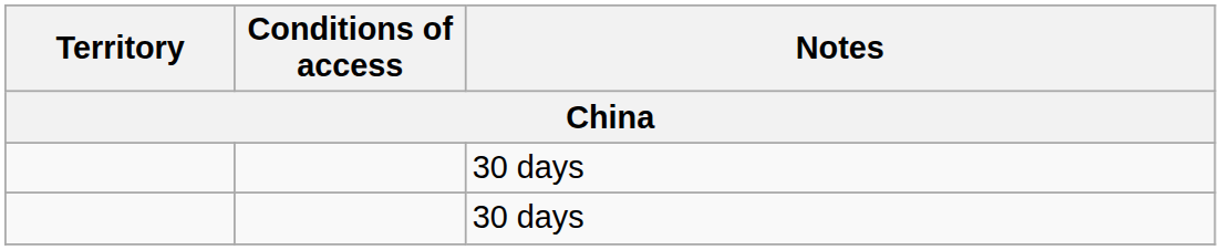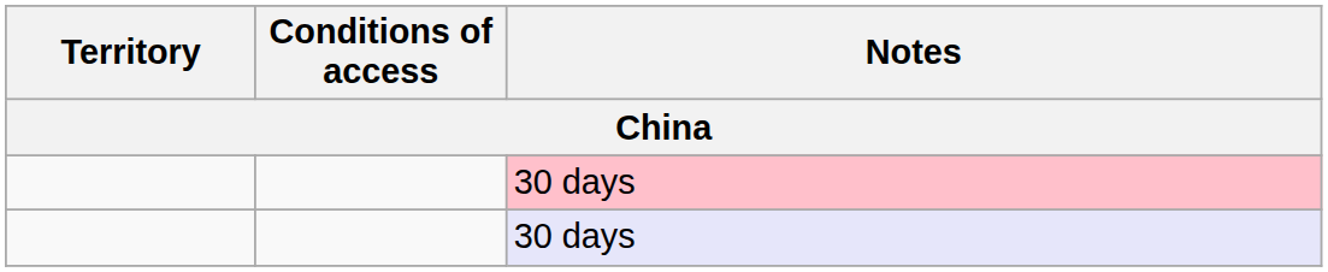 <table class="wikitable" style="text-align: left; table-layout: fixed;">
 <tr>
 <th style="width:19%;">Territory</th>
 <th style="width:19%;">Conditions of access</th>
 <th style="width:62%;">Notes</th>
 </tr>
 <tr>
 <th colspan="3">China</th>
 </tr>
 <tr>
 <td></td>
 <td></td>
-<td>30 days</td>
+<td style="background: pink;">30 days</td>
 </tr>
 <tr>
 <td></td>
 <td></td>
-<td>30 days</td>
+<td style="background: lavender;">30 days</td>
 </tr>
 </table>
